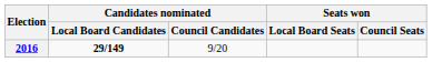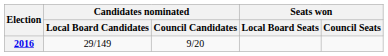 <table class="wikitable">
 <tr>
 <th rowspan="2">Election</th>
 <th colspan="2">Candidates nominated</th>
 <th colspan="2">Seats won</th>
 </tr>
 <tr style="text-align:center;">
 <th>Local Board Candidates</th>
 <th>Council Candidates</th>
 <th>Local Board Seats</th>
 <th>Council Seats</th>
 </tr>
 <tr style="text-align:center;">
 <th><a href='#'>2016</a></th>
-<td><strong>29/149</strong></td>
+<td>29/149</td>
 <td>9/20</td>
 <td></td>
 <td></td>
 </tr>
 </table>
